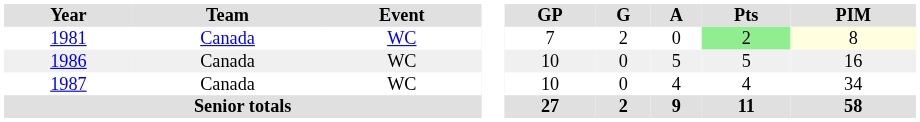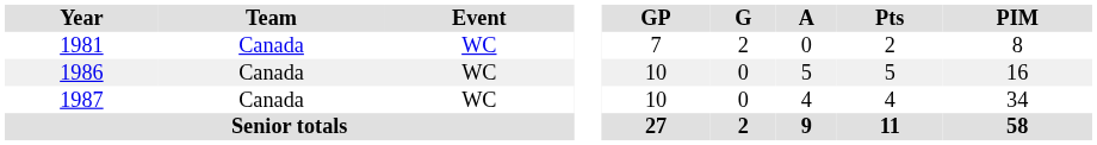 <table border="0" cellpadding="1" cellspacing="0" style="text-align:center; width:50em">
 <tr ALIGN="center" bgcolor="#e0e0e0">
 <th>Year</th>
 <th>Team</th>
 <th>Event</th>
 <th rowspan="99" bgcolor="#ffffff"> </th>
 <th>GP</th>
 <th>G</th>
 <th>A</th>
 <th>Pts</th>
 <th>PIM</th>
 </tr>
 <tr>
 <td><a href='#'>1981</a></td>
 <td><a href='#'>Canada</a></td>
 <td><a href='#'>WC</a></td>
 <td>7</td>
 <td>2</td>
 <td>0</td>
-<td style="background: lightgreen;">2</td>
-<td style="background: lightyellow;">8</td>
+<td>2</td>
+<td>8</td>
 </tr>
 <tr bgcolor="#f0f0f0">
 <td><a href='#'>1986</a></td>
 <td>Canada</td>
 <td>WC</td>
 <td>10</td>
 <td>0</td>
 <td>5</td>
 <td>5</td>
 <td>16</td>
 </tr>
 <tr>
 <td><a href='#'>1987</a></td>
 <td>Canada</td>
 <td>WC</td>
 <td>10</td>
 <td>0</td>
 <td>4</td>
 <td>4</td>
 <td>34</td>
 </tr>
 <tr bgcolor="#e0e0e0">
 <th colspan=3>Senior totals</th>
 <th>27</th>
 <th>2</th>
 <th>9</th>
 <th>11</th>
 <th>58</th>
 </tr>
 </table>
